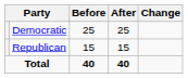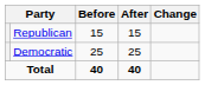 <table class="wikitable" style="text-align:center;">
 <tr>
 <th colspan="2">Party</th>
 <th>Before</th>
 <th>After</th>
 <th>Change</th>
 </tr>
 <tr>
 <th style="background-color:"></th>
-<td style="text-align:left;"><a href='#'>Democratic</a></td>
-<td>25</td>
-<td>25</td>
+<td style="text-align:left;"><a href='#'>Republican</a></td>
+<td>15</td>
+<td>15</td>
 <td></td>
 </tr>
 <tr>
 <th style="background-color:"></th>
-<td style="text-align:left;"><a href='#'>Republican</a></td>
-<td>15</td>
-<td>15</td>
+<td style="text-align:left;"><a href='#'>Democratic</a></td>
+<td>25</td>
+<td>25</td>
 <td></td>
 </tr>
 <tr>
 <td colspan="2"><strong>Total</strong></td>
 <td><strong>40</strong></td>
 <td><strong>40</strong></td>
 <td></td>
 </tr>
 </table>
